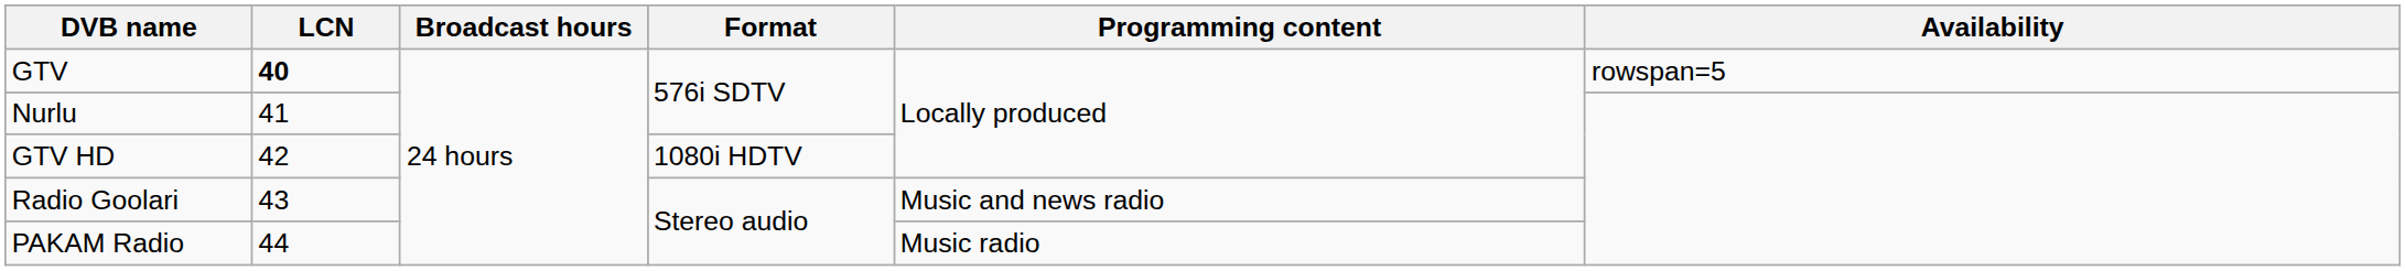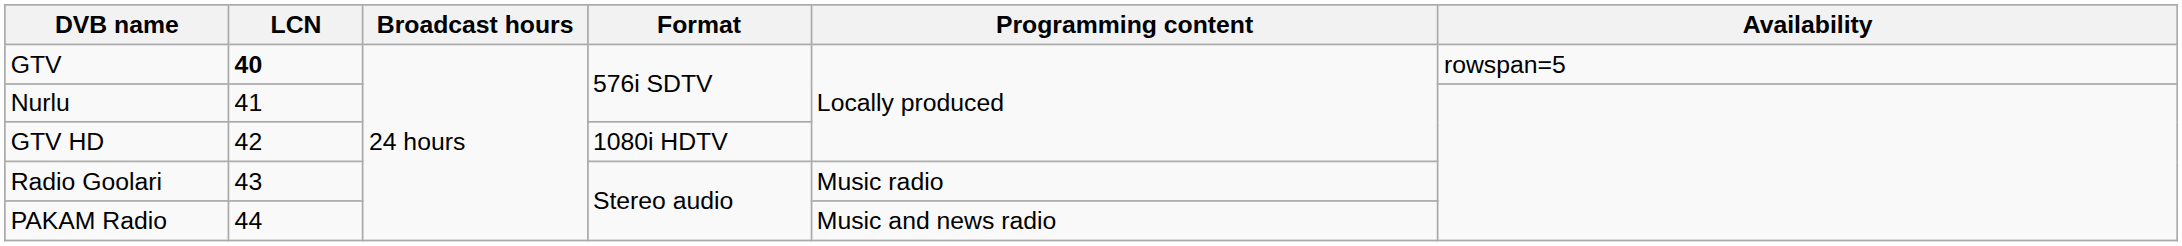 <table class="wikitable" style="font-size:90%; width:100%;">
 <tr>
 <th width="10%">DVB name</th>
 <th width="6%">LCN</th>
 <th width="10%">Broadcast hours</th>
 <th width="10%">Format</th>
 <th width="28%">Programming content</th>
 <th width="33%">Availability</th>
 </tr>
 <tr>
 <td>GTV</td>
 <td><strong>40</strong></td>
 <td rowspan=5>24 hours</td>
 <td rowspan=2>576i SDTV</td>
 <td rowspan=3>Locally produced</td>
 <td>rowspan=5 </td>
 </tr>
 <tr>
 <td>Nurlu</td>
 <td>41</td>
 </tr>
 <tr>
 <td>GTV HD</td>
 <td>42</td>
 <td>1080i HDTV</td>
 </tr>
 <tr>
 <td>Radio Goolari</td>
 <td>43</td>
 <td rowspan=2>Stereo audio</td>
-<td>Music and news radio</td>
+<td>Music radio</td>
 </tr>
 <tr>
 <td>PAKAM Radio</td>
 <td>44</td>
-<td>Music radio</td>
+<td>Music and news radio</td>
 </tr>
 </table>
